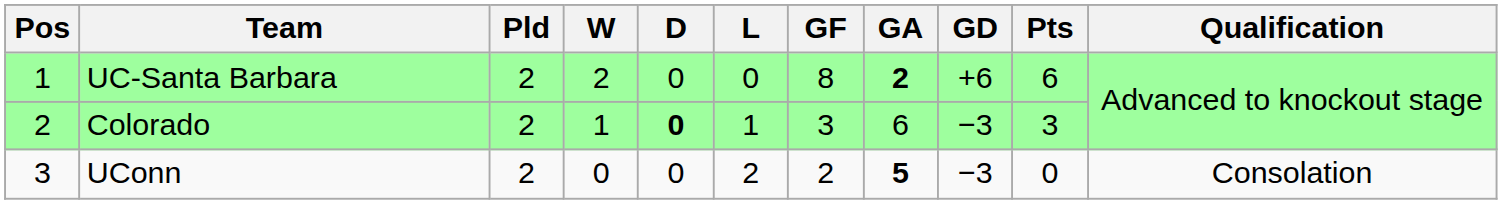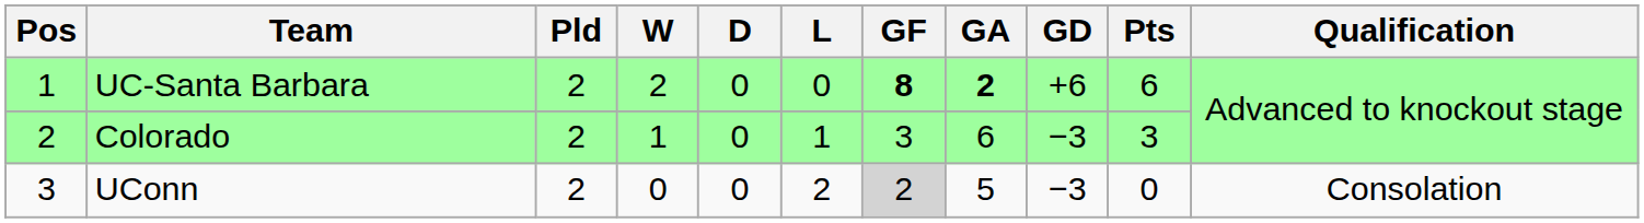 <table class="wikitable" style="text-align:center; margin: 1em auto">
 <tr>
 <th style=width:2em>Pos</th>
 <th style=width:13em>Team</th>
 <th style=width:2em>Pld</th>
 <th style=width:2em>W</th>
 <th style=width:2em>D</th>
 <th style=width:2em>L</th>
 <th style=width:2em>GF</th>
 <th style=width:2em>GA</th>
 <th style=width:2em>GD</th>
 <th style=width:2em>Pts</th>
 <th style=width:13em>Qualification</th>
 </tr>
 <tr bgcolor="#9eff9e">
 <td>1</td>
 <td style="text-align:left">UC-Santa Barbara</td>
 <td>2</td>
 <td>2</td>
 <td>0</td>
 <td>0</td>
-<td>8</td>
+<td><strong>8</strong></td>
 <td><strong>2</strong></td>
 <td>+6</td>
 <td>6</td>
 <td rowspan="2">Advanced to knockout stage</td>
 </tr>
 <tr bgcolor="#9eff9e">
 <td>2</td>
 <td style="text-align:left">Colorado</td>
 <td>2</td>
 <td>1</td>
-<td><strong>0</strong></td>
+<td>0</td>
 <td>1</td>
 <td>3</td>
 <td>6</td>
 <td>−3</td>
 <td>3</td>
 </tr>
 <tr>
 <td>3</td>
 <td style="text-align:left">UConn</td>
 <td>2</td>
 <td>0</td>
 <td>0</td>
 <td>2</td>
-<td>2</td>
-<td><strong>5</strong></td>
+<td style="background: lightgrey;">2</td>
+<td>5</td>
 <td>−3</td>
 <td>0</td>
 <td>Consolation</td>
 </tr>
 </table>
